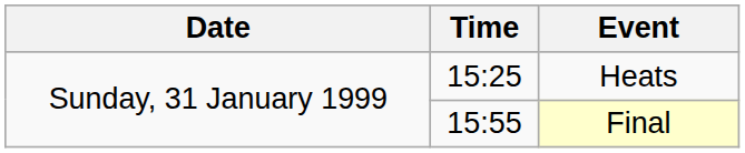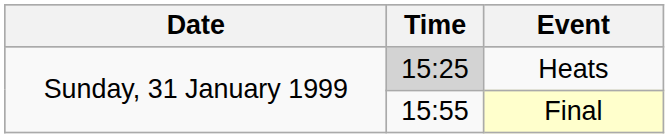 <table class = "wikitable" style="text-align:center;">
 <tr>
 <th width=220>Date</th>
 <th width=50>Time</th>
 <th width=100>Event</th>
 </tr>
 <tr>
 <td rowspan=2>Sunday, 31 January 1999</td>
-<td>15:25</td>
+<td style="background: lightgrey;">15:25</td>
 <td>Heats</td>
 </tr>
 <tr>
 <td>15:55</td>
 <td bgcolor=ffffcc>Final</td>
 </tr>
 </table>
